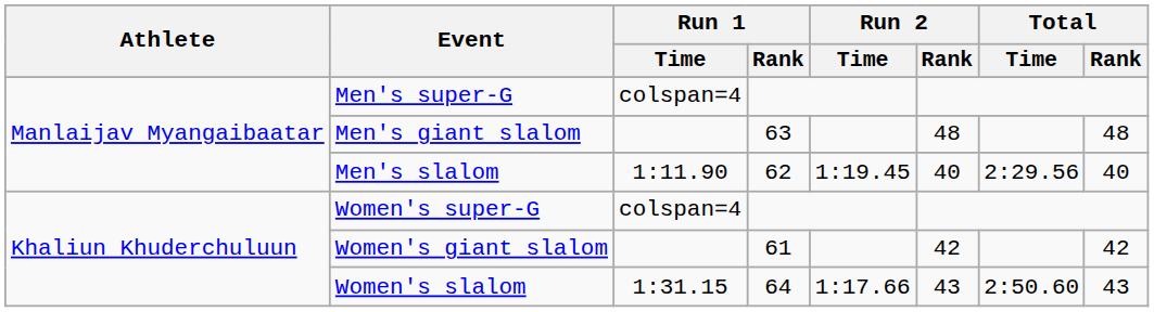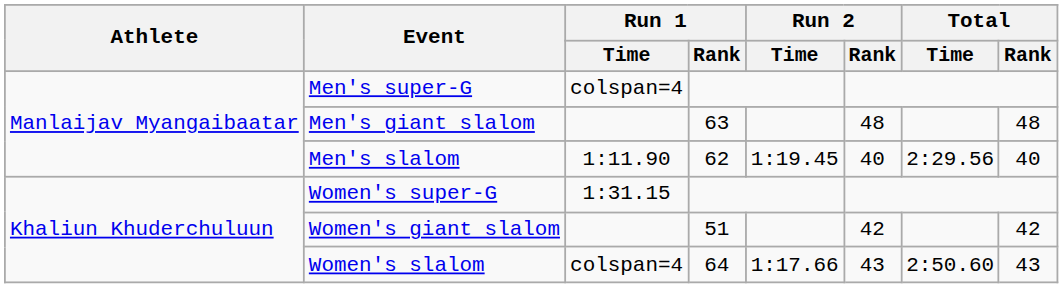 <table class="wikitable" style="font-size:90%">
 <tr>
 <th rowspan=2>Athlete</th>
 <th rowspan=2>Event</th>
 <th colspan=2>Run 1</th>
 <th colspan=2>Run 2</th>
 <th colspan=2>Total</th>
 </tr>
 <tr style="font-size:95%">
 <th>Time</th>
 <th>Rank</th>
 <th>Time</th>
 <th>Rank</th>
 <th>Time</th>
 <th>Rank</th>
 </tr>
 <tr align=center>
 <td align="left" rowspan="3"><a href='#'>Manlaijav Myangaibaatar</a></td>
 <td align="left"><a href='#'>Men's super-G</a></td>
 <td>colspan=4 </td>
 <td colspan=2></td>
 </tr>
 <tr align=center>
 <td align="left"><a href='#'>Men's giant slalom</a></td>
 <td></td>
 <td>63</td>
 <td></td>
 <td>48</td>
 <td></td>
 <td>48</td>
 </tr>
 <tr align=center>
 <td align="left"><a href='#'>Men's slalom</a></td>
 <td>1:11.90</td>
 <td>62</td>
 <td>1:19.45</td>
 <td>40</td>
 <td>2:29.56</td>
 <td>40</td>
 </tr>
 <tr align=center>
 <td align="left" rowspan="3"><a href='#'>Khaliun Khuderchuluun</a></td>
 <td align="left"><a href='#'>Women's super-G</a></td>
-<td>colspan=4 </td>
+<td>1:31.15</td>
 <td colspan=2></td>
 </tr>
 <tr align=center>
 <td align="left"><a href='#'>Women's giant slalom</a></td>
 <td></td>
-<td>61</td>
+<td>51</td>
 <td></td>
 <td>42</td>
 <td></td>
 <td>42</td>
 </tr>
 <tr align=center>
 <td align="left"><a href='#'>Women's slalom</a></td>
-<td>1:31.15</td>
+<td>colspan=4 </td>
 <td>64</td>
 <td>1:17.66</td>
 <td>43</td>
 <td>2:50.60</td>
 <td>43</td>
 </tr>
 </table>
